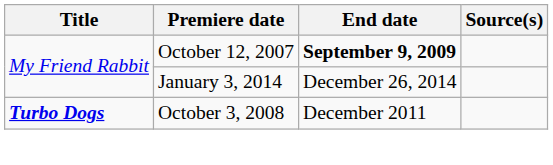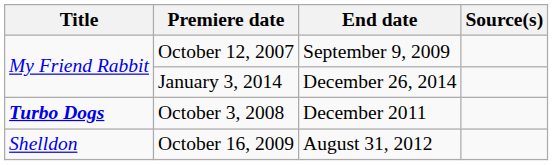 <table class="wikitable sortable">
 <tr>
 <th>Title</th>
 <th>Premiere date</th>
 <th>End date</th>
 <th>Source(s)</th>
 </tr>
 <tr>
 <td rowspan=2><em><a href='#'>My Friend Rabbit</a></em></td>
 <td>October 12, 2007</td>
-<td><strong>September 9, 2009</strong></td>
+<td>September 9, 2009</td>
 <td></td>
 </tr>
 <tr>
 <td>January 3, 2014</td>
 <td>December 26, 2014</td>
 <td></td>
 </tr>
 <tr>
 <td><strong><em><a href='#'>Turbo Dogs</a></em></strong></td>
 <td>October 3, 2008</td>
 <td>December 2011</td>
 <td></td>
 </tr>
+<tr>
+<td><em><a href='#'>Shelldon</a></em></td>
+<td>October 16, 2009</td>
+<td>August 31, 2012</td>
+<td></td>
+</tr>
 </table>
